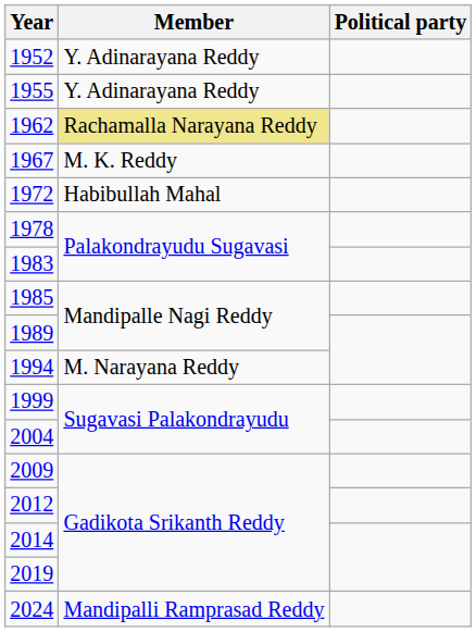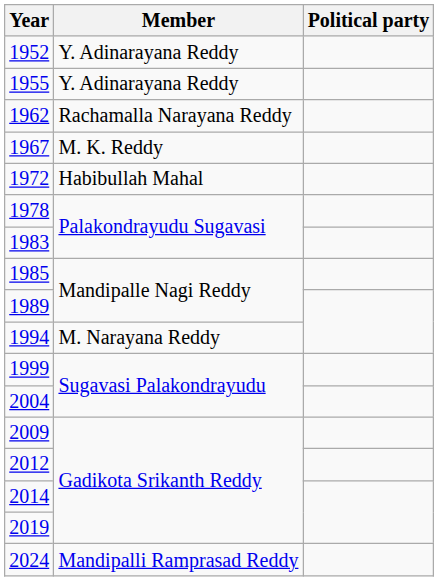 <table class="wikitable sortable">
 <tr>
 <th>Year</th>
 <th>Member</th>
 <th colspan="2">Political party</th>
 </tr>
 <tr>
 <td><a href='#'>1952</a></td>
 <td>Y. Adinarayana Reddy</td>
 <td></td>
 </tr>
 <tr>
 <td><a href='#'>1955</a></td>
 <td>Y. Adinarayana Reddy</td>
 <td></td>
 </tr>
 <tr>
 <td><a href='#'>1962</a></td>
-<td style="background: khaki;">Rachamalla Narayana Reddy</td>
+<td>Rachamalla Narayana Reddy</td>
 <td></td>
 </tr>
 <tr>
 <td><a href='#'>1967</a></td>
 <td>M. K. Reddy</td>
 <td></td>
 </tr>
 <tr>
 <td><a href='#'>1972</a></td>
 <td>Habibullah Mahal</td>
 </tr>
 <tr>
 <td><a href='#'>1978</a></td>
 <td rowspan=2><a href='#'>Palakondrayudu Sugavasi</a></td>
 <td></td>
 </tr>
 <tr>
 <td><a href='#'>1983</a></td>
 <td></td>
 </tr>
 <tr>
 <td><a href='#'>1985</a></td>
 <td rowspan=2>Mandipalle Nagi Reddy</td>
 <td></td>
 </tr>
 <tr>
 <td><a href='#'>1989</a></td>
 </tr>
 <tr>
 <td><a href='#'>1994</a></td>
 <td>M. Narayana Reddy</td>
 </tr>
 <tr>
 <td><a href='#'>1999</a></td>
 <td rowspan=2><a href='#'>Sugavasi Palakondrayudu</a></td>
 <td></td>
 </tr>
 <tr>
 <td><a href='#'>2004</a></td>
 </tr>
 <tr>
 <td><a href='#'>2009</a></td>
 <td rowspan=4><a href='#'>Gadikota Srikanth Reddy</a></td>
 <td></td>
 </tr>
 <tr>
 <td><a href='#'>2012</a></td>
 <td></td>
 </tr>
 <tr>
 <td><a href='#'>2014</a></td>
 </tr>
 <tr>
 <td><a href='#'>2019</a></td>
 </tr>
 <tr>
 <td><a href='#'>2024</a></td>
 <td><a href='#'>Mandipalli Ramprasad Reddy</a></td>
 <td></td>
 </tr>
 </table>
